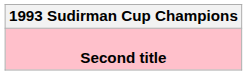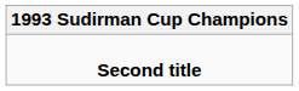 <table class=wikitable style="text-align:center; margin:auto">
 <tr>
 <th>1993 Sudirman Cup Champions</th>
 </tr>
 <tr>
-<td style="background: pink;"><strong></strong> <br> <strong>Second title</strong></td>
+<td><strong></strong> <br> <strong>Second title</strong></td>
 </tr>
 </table>
